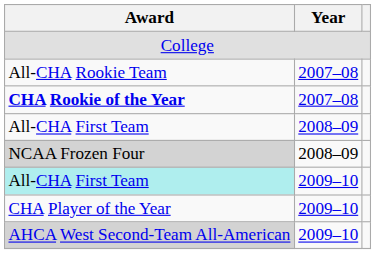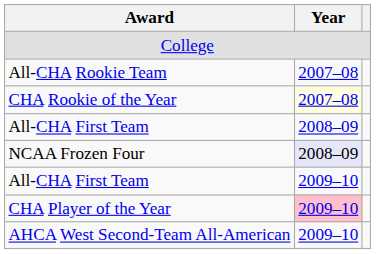 <table class="wikitable">
 <tr>
 <th>Award</th>
 <th>Year</th>
 <th></th>
 </tr>
 <tr ALIGN="center" bgcolor="#e0e0e0">
 <td colspan="3"><a href='#'>College</a></td>
 </tr>
 <tr>
 <td>All-<a href='#'>CHA</a> <a href='#'>Rookie Team</a></td>
 <td><a href='#'>2007–08</a></td>
 <td></td>
 </tr>
 <tr>
-<td><strong><a href='#'>CHA</a> <a href='#'>Rookie of the Year</a></strong></td>
-<td><a href='#'>2007–08</a></td>
+<td><a href='#'>CHA</a> <a href='#'>Rookie of the Year</a></td>
+<td style="background: lightyellow;"><a href='#'>2007–08</a></td>
 <td></td>
 </tr>
 <tr>
 <td>All-<a href='#'>CHA</a> <a href='#'>First Team</a></td>
 <td><a href='#'>2008–09</a></td>
 <td></td>
 </tr>
 <tr>
-<td style="background: lightgrey;">NCAA Frozen Four</td>
-<td>2008–09</td>
+<td>NCAA Frozen Four</td>
+<td style="background: lavender;">2008–09</td>
 <td></td>
 </tr>
 <tr>
-<td style="background: paleturquoise;">All-<a href='#'>CHA</a> <a href='#'>First Team</a></td>
+<td>All-<a href='#'>CHA</a> <a href='#'>First Team</a></td>
 <td><a href='#'>2009–10</a></td>
 <td></td>
 </tr>
 <tr>
 <td><a href='#'>CHA</a> <a href='#'>Player of the Year</a></td>
-<td><a href='#'>2009–10</a></td>
+<td style="background: pink;"><a href='#'>2009–10</a></td>
 <td></td>
 </tr>
 <tr>
-<td style="background: lightgrey;"><a href='#'>AHCA</a> <a href='#'>West Second-Team All-American</a></td>
+<td><a href='#'>AHCA</a> <a href='#'>West Second-Team All-American</a></td>
 <td><a href='#'>2009–10</a></td>
 <td></td>
 </tr>
 <tr>
 </tr>
 </table>
